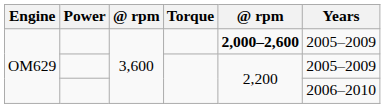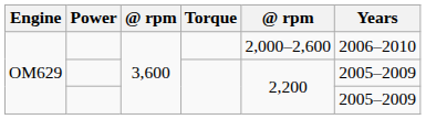 <table class="wikitable sortable" style="text-align: center;">
 <tr>
 <th>Engine</th>
 <th>Power</th>
 <th>@ rpm</th>
 <th>Torque</th>
 <th>@ rpm</th>
 <th>Years</th>
 </tr>
 <tr>
 <td rowspan="3">OM629</td>
 <td></td>
 <td rowspan=3>3,600</td>
 <td></td>
-<td><strong>2,000–2,600</strong></td>
-<td>2005–2009</td>
+<td>2,000–2,600</td>
+<td>2006–2010</td>
 </tr>
 <tr>
 <td></td>
 <td rowspan="2"></td>
 <td rowspan="2">2,200</td>
 <td>2005–2009</td>
 </tr>
 <tr>
 <td></td>
-<td>2006–2010</td>
+<td>2005–2009</td>
 </tr>
 </table>
